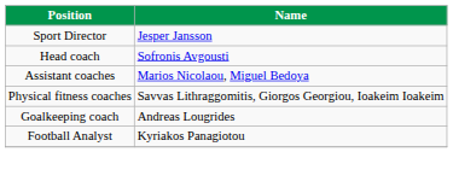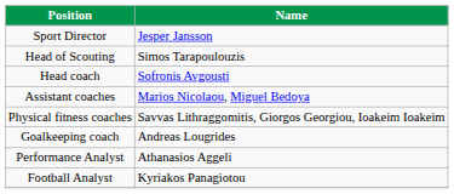 <table class="wikitable plainrowheaders sortable">
 <tr>
 <th style="background:#00954C; color:#FFFFFF; ">Position</th>
 <th style="background:#00954C; color:#FFFFFF; ">Name</th>
 </tr>
 <tr>
 <td align=center>Sport Director</td>
 <td align=left> <a href='#'>Jesper Jansson</a></td>
+</tr>
+<tr>
+<td align=center>Head of Scouting</td>
+<td align=left> Simos Tarapoulouzis</td>
 </tr>
 <tr>
 <td align=center>Head coach</td>
 <td align=left> <a href='#'>Sofronis Avgousti</a></td>
 </tr>
 <tr>
 <td align=center>Assistant coaches</td>
 <td align=left> <a href='#'>Marios Nicolaou</a>,  <a href='#'>Miguel Bedoya</a></td>
 </tr>
 <tr>
 <td align=center>Physical fitness coaches</td>
 <td align=left> Savvas Lithraggomitis,  Giorgos Georgiou,  Ioakeim Ioakeim</td>
 </tr>
 <tr>
 <td align=center>Goalkeeping coach</td>
 <td align=left> Andreas Lougrides</td>
 </tr>
 <tr>
+<td align=center>Performance Analyst</td>
+<td align=left> Athanasios Aggeli</td>
+</tr>
+<tr>
 <td align=center>Football Analyst</td>
 <td align=left> Kyriakos Panagiotou</td>
 </tr>
 <tr>
 </tr>
 </table>
